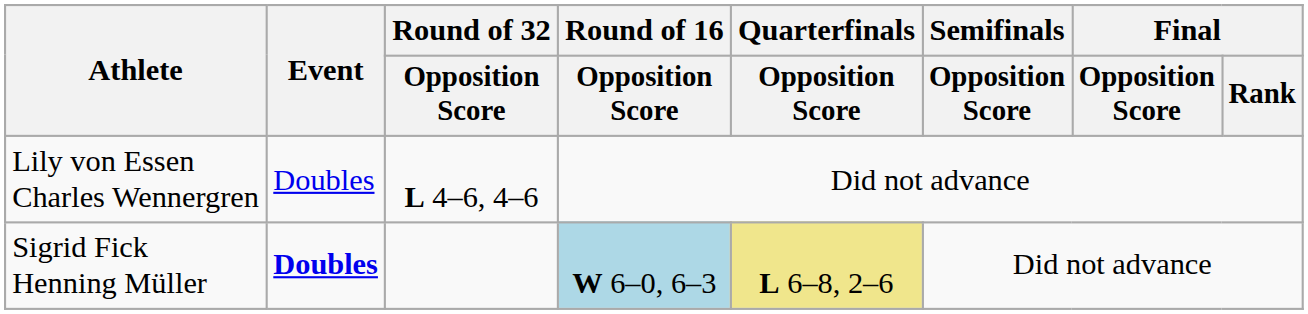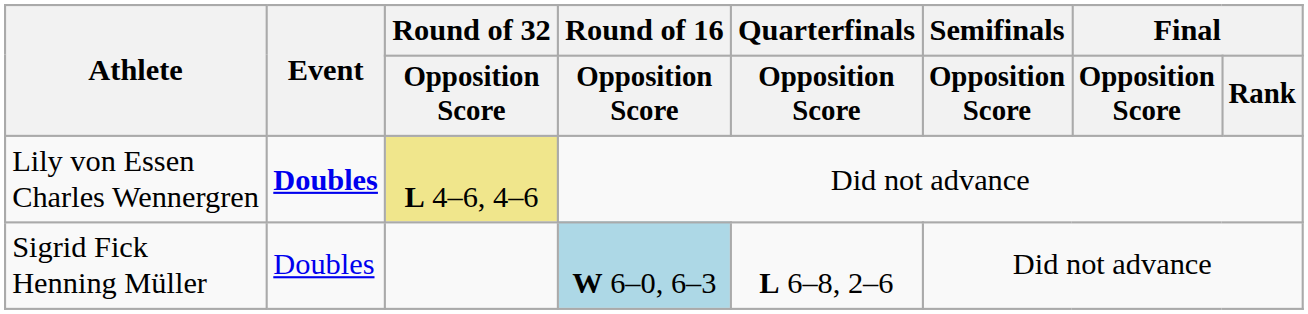 <table class=wikitable style="font-size:90%">
 <tr>
 <th rowspan=2>Athlete</th>
 <th rowspan=2>Event</th>
 <th>Round of 32</th>
 <th>Round of 16</th>
 <th>Quarterfinals</th>
 <th>Semifinals</th>
 <th colspan=2>Final</th>
 </tr>
 <tr style="font-size:95%">
 <th>Opposition<br>Score</th>
 <th>Opposition<br>Score</th>
 <th>Opposition<br>Score</th>
 <th>Opposition<br>Score</th>
 <th>Opposition<br>Score</th>
 <th>Rank</th>
 </tr>
 <tr align=center>
 <td align=left>Lily von Essen <br> Charles Wennergren</td>
-<td align=left><a href='#'>Doubles</a></td>
-<td> <br> <strong>L</strong> 4–6, 4–6</td>
+<td align=left><strong><a href='#'>Doubles</a></strong></td>
+<td style="background: khaki;"> <br> <strong>L</strong> 4–6, 4–6</td>
 <td colspan=5>Did not advance</td>
 </tr>
 <tr align=center>
 <td align=left>Sigrid Fick <br> Henning Müller</td>
-<td align=left><strong><a href='#'>Doubles</a></strong></td>
+<td align=left><a href='#'>Doubles</a></td>
 <td></td>
 <td style="background: lightblue;"> <br> <strong>W</strong> 6–0, 6–3</td>
-<td style="background: khaki;"> <br> <strong>L</strong> 6–8, 2–6</td>
+<td> <br> <strong>L</strong> 6–8, 2–6</td>
 <td colspan=3>Did not advance</td>
 </tr>
 </table>
